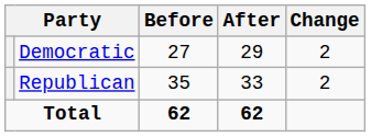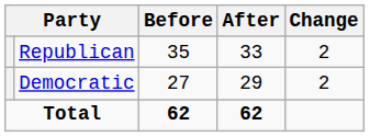 <table class="wikitable" style="text-align:center;">
 <tr>
 <th colspan="2">Party</th>
 <th>Before</th>
 <th>After</th>
 <th>Change</th>
 </tr>
 <tr>
 <th style="background-color:"></th>
-<td style="text-align:left;"><a href='#'>Democratic</a></td>
-<td>27</td>
-<td>29</td>
+<td style="text-align:left;"><a href='#'>Republican</a></td>
+<td>35</td>
+<td>33</td>
 <td> 2</td>
 </tr>
 <tr>
 <th style="background-color:"></th>
-<td style="text-align:left;"><a href='#'>Republican</a></td>
-<td>35</td>
-<td>33</td>
+<td style="text-align:left;"><a href='#'>Democratic</a></td>
+<td>27</td>
+<td>29</td>
 <td> 2</td>
 </tr>
 <tr>
 <td colspan="2"><strong>Total</strong></td>
 <td><strong>62</strong></td>
 <td><strong>62</strong></td>
 <td></td>
 </tr>
 </table>
